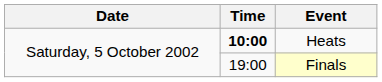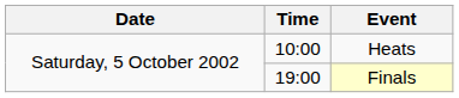 <table class = "wikitable" style="text-align:center;">
 <tr>
 <th width=220>Date</th>
 <th width=50>Time</th>
 <th width=100>Event</th>
 </tr>
 <tr>
 <td rowspan=2>Saturday, 5 October 2002</td>
-<td><strong>10:00</strong></td>
+<td>10:00</td>
 <td>Heats</td>
 </tr>
 <tr>
 <td>19:00</td>
 <td bgcolor=ffffcc>Finals</td>
 </tr>
 </table>
